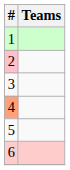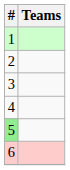 <table class="wikitable">
 <tr>
 <th>#</th>
 <th>Teams</th>
 </tr>
 <tr bgcolor=ccffcc>
 <td>1</td>
 <td></td>
 </tr>
 <tr>
-<td style="background: pink;">2</td>
+<td>2</td>
 <td></td>
 </tr>
 <tr>
 <td>3</td>
 <td></td>
 </tr>
 <tr>
-<td style="background: lightsalmon;">4</td>
+<td>4</td>
 <td></td>
 </tr>
 <tr>
-<td>5</td>
+<td style="background: lightgreen;">5</td>
 <td></td>
 </tr>
 <tr bgcolor="#fcc">
 <td>6</td>
 <td></td>
 </tr>
 <tr>
 </tr>
 </table>
